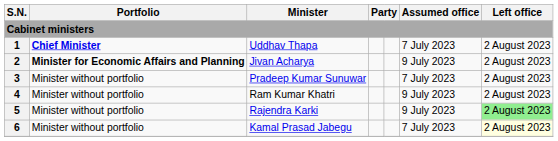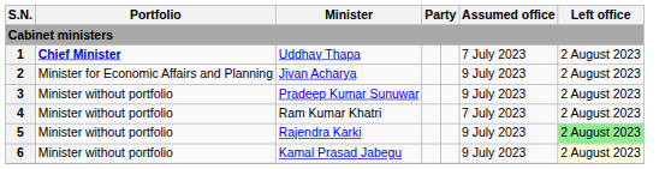 <table class="wikitable">
 <tr>
 <th>S.N.</th>
 <th>Portfolio</th>
 <th>Minister</th>
 <th colspan="2">Party</th>
 <th>Assumed office</th>
 <th>Left office</th>
 </tr>
 <tr>
 <td colspan="7" bgcolor="darkgrey"><strong>Cabinet ministers</strong></td>
 </tr>
 <tr>
 <th>1</th>
 <td><strong><a href='#'>Chief Minister</a></strong><br></td>
 <td><a href='#'>Uddhav Thapa</a></td>
 <td></td>
 <td></td>
 <td>7 July 2023</td>
 <td>2 August 2023</td>
 </tr>
 <tr>
 <th>2</th>
-<td><strong>Minister for Economic Affairs and Planning</strong></td>
+<td>Minister for Economic Affairs and Planning</td>
 <td><a href='#'>Jivan Acharya</a></td>
 <td></td>
 <td></td>
 <td>9 July 2023</td>
 <td>2 August 2023</td>
 </tr>
 <tr>
 <th>3</th>
 <td>Minister without portfolio</td>
 <td><a href='#'>Pradeep Kumar Sunuwar</a></td>
 <td></td>
 <td></td>
-<td>7 July 2023</td>
+<td>9 July 2023</td>
 <td>2 August 2023</td>
 </tr>
 <tr>
 <th>4</th>
 <td>Minister without portfolio</td>
 <td>Ram Kumar Khatri</td>
 <td></td>
 <td></td>
-<td>9 July 2023</td>
+<td>7 July 2023</td>
 <td>2 August 2023</td>
 </tr>
 <tr>
 <th>5</th>
 <td>Minister without portfolio</td>
 <td><a href='#'>Rajendra Karki</a></td>
 <td></td>
 <td></td>
 <td>9 July 2023</td>
 <td style="background: lightgreen;">2 August 2023</td>
 </tr>
 <tr>
 <th>6</th>
 <td>Minister without portfolio</td>
 <td><a href='#'>Kamal Prasad Jabegu</a></td>
 <td></td>
 <td></td>
-<td>7 July 2023</td>
+<td>9 July 2023</td>
 <td style="background: lightyellow;">2 August 2023</td>
 </tr>
 <tr>
 </tr>
 </table>
